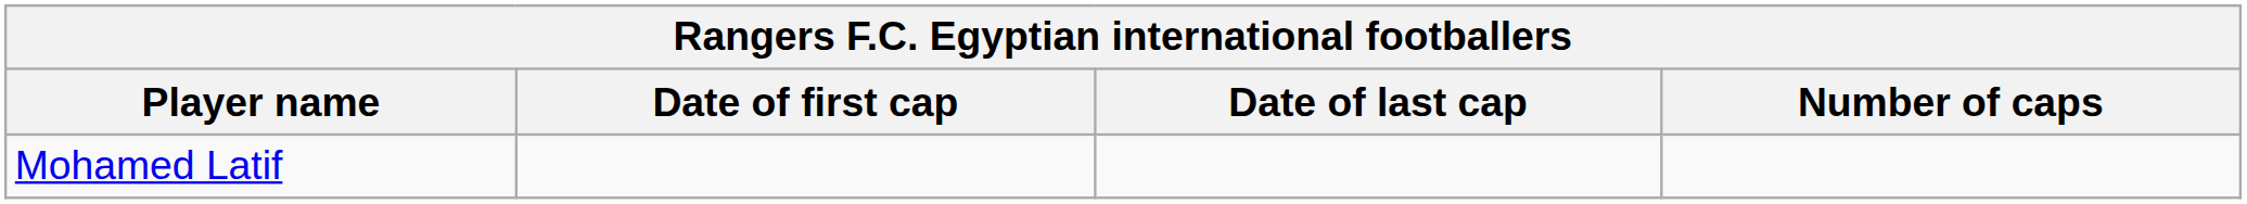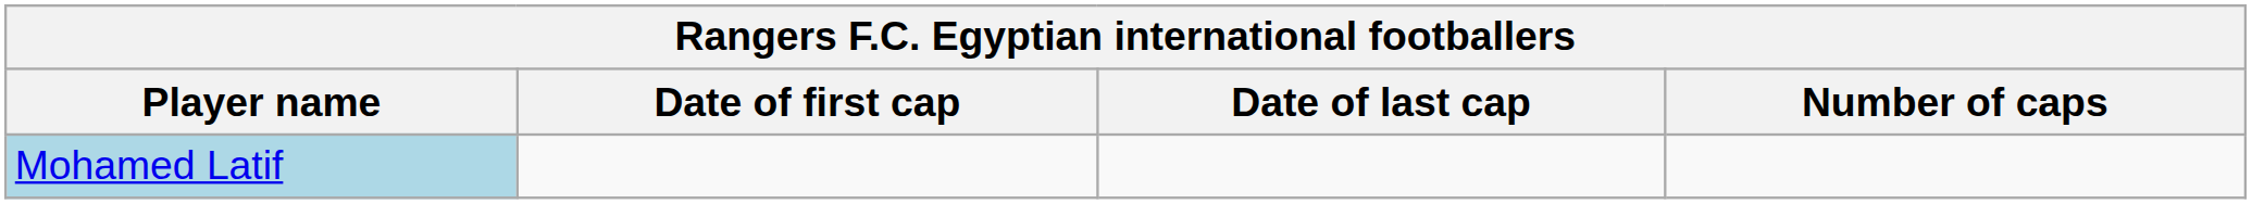 <table class="wikitable plainrowheaders" style="width: 70%;">
 <tr>
 <th colspan=5>Rangers F.C. Egyptian international footballers </th>
 </tr>
 <tr>
 <th scope="col">Player name</th>
 <th scope="col">Date of first cap</th>
 <th scope="col">Date of last cap</th>
 <th scope="col">Number of caps</th>
 </tr>
 <tr>
-<td><a href='#'>Mohamed Latif</a></td>
+<td style="background: lightblue;"><a href='#'>Mohamed Latif</a></td>
 <td align="center"></td>
 <td align="center"></td>
 <td align="center"></td>
 </tr>
 </table>
